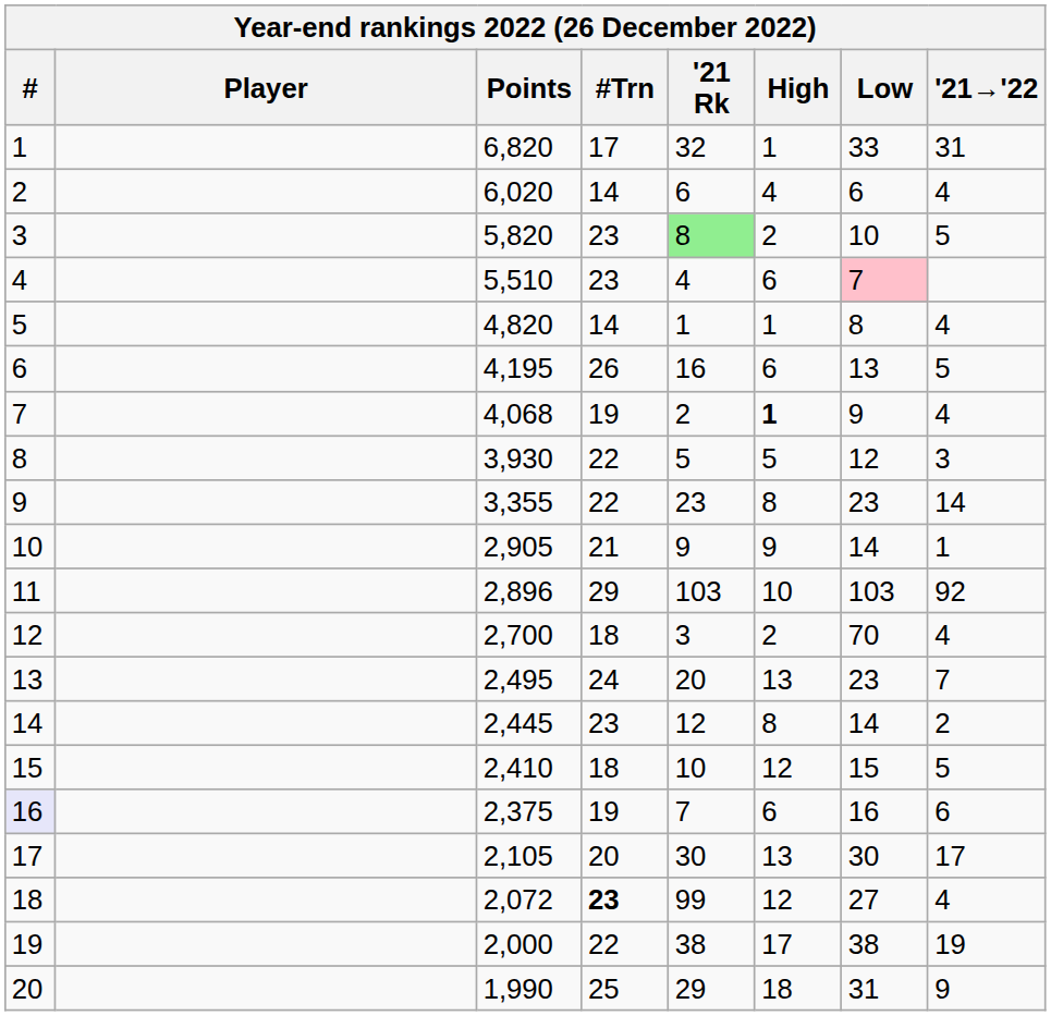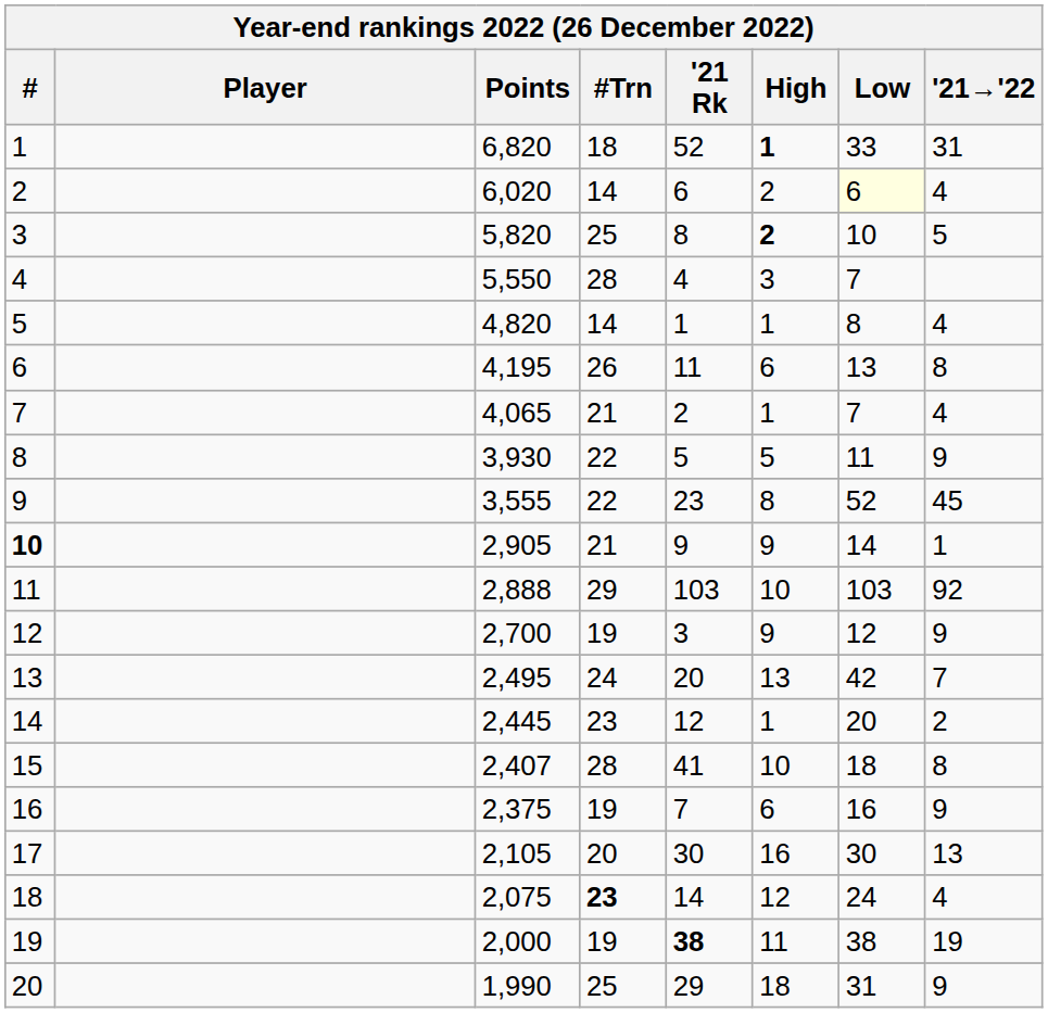 <table class="wikitable" style="font-size:95%">
 <tr>
 <th colspan=8>Year-end rankings 2022 (26 December 2022)</th>
 </tr>
 <tr>
 <th width=20>#</th>
 <th width=222>Player</th>
 <th width=50>Points</th>
 <th width=40>#Trn</th>
 <th width=40>'21 Rk</th>
 <th width=40>High</th>
 <th width=40>Low</th>
 <th width=50>'21→'22</th>
 </tr>
 <tr>
 <td>1</td>
 <td align="left"></td>
 <td>6,820</td>
-<td>17</td>
-<td>32</td>
-<td>1</td>
+<td>18</td>
+<td>52</td>
+<td><strong>1</strong></td>
 <td>33</td>
 <td>31</td>
 </tr>
 <tr>
 <td>2</td>
 <td align="left"></td>
 <td>6,020</td>
 <td>14</td>
 <td>6</td>
-<td>4</td>
-<td>6</td>
+<td>2</td>
+<td style="background: lightyellow;">6</td>
 <td>4</td>
 </tr>
 <tr>
 <td>3</td>
 <td align="left"></td>
 <td>5,820</td>
-<td>23</td>
-<td style="background: lightgreen;">8</td>
-<td>2</td>
+<td>25</td>
+<td>8</td>
+<td><strong>2</strong></td>
 <td>10</td>
 <td>5</td>
 </tr>
 <tr>
 <td>4</td>
 <td align="left"></td>
-<td>5,510</td>
-<td>23</td>
+<td>5,550</td>
+<td>28</td>
 <td>4</td>
-<td>6</td>
-<td style="background: pink;">7</td>
+<td>3</td>
+<td>7</td>
 <td></td>
 </tr>
 <tr>
 <td>5</td>
 <td align="left"></td>
 <td>4,820</td>
 <td>14</td>
 <td>1</td>
 <td>1</td>
 <td>8</td>
 <td>4</td>
 </tr>
 <tr>
 <td>6</td>
 <td align="left"></td>
 <td>4,195</td>
 <td>26</td>
-<td>16</td>
+<td>11</td>
 <td>6</td>
 <td>13</td>
-<td>5</td>
+<td>8</td>
 </tr>
 <tr>
 <td>7</td>
 <td align="left"></td>
-<td>4,068</td>
-<td>19</td>
+<td>4,065</td>
+<td>21</td>
 <td>2</td>
-<td><strong>1</strong></td>
-<td>9</td>
+<td>1</td>
+<td>7</td>
 <td>4</td>
 </tr>
 <tr>
 <td>8</td>
 <td align="left"></td>
 <td>3,930</td>
 <td>22</td>
 <td>5</td>
 <td>5</td>
-<td>12</td>
-<td>3</td>
+<td>11</td>
+<td>9</td>
 </tr>
 <tr>
 <td>9</td>
 <td align="left"></td>
-<td>3,355</td>
+<td>3,555</td>
 <td>22</td>
 <td>23</td>
 <td>8</td>
-<td>23</td>
-<td>14</td>
+<td>52</td>
+<td>45</td>
 </tr>
 <tr>
-<td>10</td>
+<td><strong>10</strong></td>
 <td align="left"></td>
 <td>2,905</td>
 <td>21</td>
 <td>9</td>
 <td>9</td>
 <td>14</td>
 <td>1</td>
 </tr>
 <tr>
 <td>11</td>
 <td align="left"></td>
-<td>2,896</td>
+<td>2,888</td>
 <td>29</td>
 <td>103</td>
 <td>10</td>
 <td>103</td>
 <td>92</td>
 </tr>
 <tr>
 <td>12</td>
 <td align="left"></td>
 <td>2,700</td>
-<td>18</td>
+<td>19</td>
 <td>3</td>
-<td>2</td>
-<td>70</td>
-<td>4</td>
+<td>9</td>
+<td>12</td>
+<td>9</td>
 </tr>
 <tr>
 <td>13</td>
 <td align="left"></td>
 <td>2,495</td>
 <td>24</td>
 <td>20</td>
 <td>13</td>
-<td>23</td>
+<td>42</td>
 <td>7</td>
 </tr>
 <tr>
 <td>14</td>
 <td align="left"></td>
 <td>2,445</td>
 <td>23</td>
 <td>12</td>
-<td>8</td>
-<td>14</td>
+<td>1</td>
+<td>20</td>
 <td>2</td>
 </tr>
 <tr>
 <td>15</td>
 <td align="left"></td>
-<td>2,410</td>
+<td>2,407</td>
+<td>28</td>
+<td>41</td>
+<td>10</td>
 <td>18</td>
-<td>10</td>
-<td>12</td>
-<td>15</td>
-<td>5</td>
+<td>8</td>
 </tr>
 <tr>
-<td style="background: lavender;">16</td>
+<td>16</td>
 <td align="left"></td>
 <td>2,375</td>
 <td>19</td>
 <td>7</td>
 <td>6</td>
 <td>16</td>
-<td>6</td>
+<td>9</td>
 </tr>
 <tr>
 <td>17</td>
 <td align="left"></td>
 <td>2,105</td>
 <td>20</td>
 <td>30</td>
+<td>16</td>
+<td>30</td>
 <td>13</td>
-<td>30</td>
-<td>17</td>
 </tr>
 <tr>
 <td>18</td>
 <td align="left"></td>
-<td>2,072</td>
+<td>2,075</td>
 <td><strong>23</strong></td>
-<td>99</td>
+<td>14</td>
 <td>12</td>
-<td>27</td>
+<td>24</td>
 <td>4</td>
 </tr>
 <tr>
 <td>19</td>
 <td align="left"></td>
 <td>2,000</td>
-<td>22</td>
-<td>38</td>
-<td>17</td>
+<td>19</td>
+<td><strong>38</strong></td>
+<td>11</td>
 <td>38</td>
 <td>19</td>
 </tr>
 <tr>
 <td>20</td>
 <td align="left"></td>
 <td>1,990</td>
 <td>25</td>
 <td>29</td>
 <td>18</td>
 <td>31</td>
 <td>9</td>
 </tr>
 </table>
